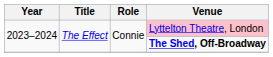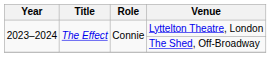 <table class="wikitable sortable">
 <tr>
 <th>Year</th>
 <th>Title</th>
 <th>Role</th>
 <th class="unsortable">Venue</th>
 </tr>
 <tr>
 <td rowspan="2">2023–2024</td>
 <td rowspan="2" data-sort-value="Effect, The"><em><a href='#'>The Effect</a></em></td>
 <td rowspan="2">Connie</td>
-<td style="background: pink;"><a href='#'>Lyttelton Theatre</a>, London</td>
+<td><a href='#'>Lyttelton Theatre</a>, London</td>
 </tr>
 <tr>
-<td><strong><a href='#'>The Shed</a>, Off-Broadway</strong></td>
+<td><a href='#'>The Shed</a>, Off-Broadway</td>
 </tr>
 <tr>
 </tr>
 </table>
